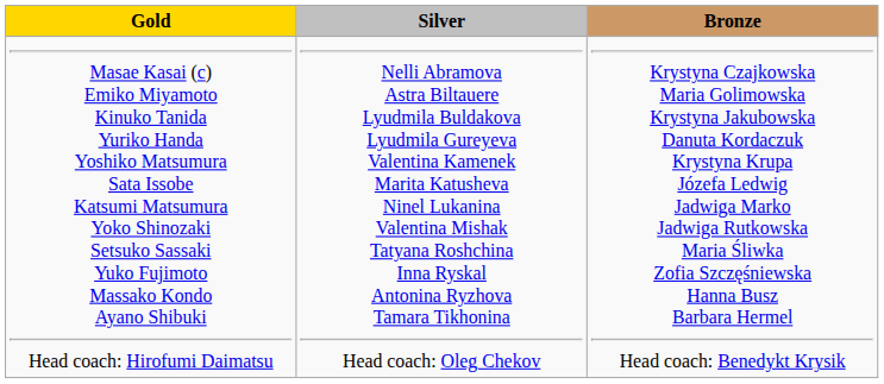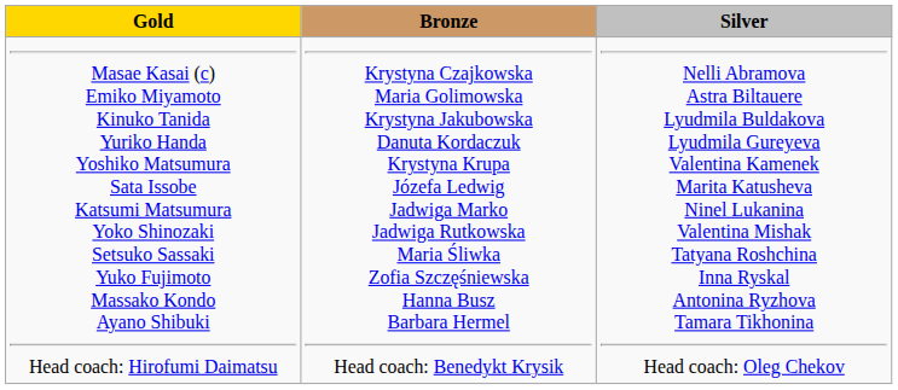 <table class="wikitable" style="text-align:center;font-size:95%;">
 <tr>
 <th style="width:15em;background:gold">Gold</th>
+<th style="width:15em;background:#CC9966">Bronze</th>
 <th style="width:15em;background:silver">Silver</th>
-<th style="width:15em;background:#CC9966">Bronze</th>
 </tr>
 <tr>
 <td><hr><a href='#'>Masae Kasai</a> (<a href='#'>c</a>)<br><a href='#'>Emiko Miyamoto</a><br><a href='#'>Kinuko Tanida</a><br><a href='#'>Yuriko Handa</a><br><a href='#'>Yoshiko Matsumura</a><br><a href='#'>Sata Issobe</a><br><a href='#'>Katsumi Matsumura</a><br><a href='#'>Yoko Shinozaki</a><br><a href='#'>Setsuko Sassaki</a><br><a href='#'>Yuko Fujimoto</a><br><a href='#'>Massako Kondo</a><br><a href='#'>Ayano Shibuki</a><br><hr>Head coach: <a href='#'>Hirofumi Daimatsu</a></td>
+<td><hr><a href='#'>Krystyna Czajkowska</a><br><a href='#'>Maria Golimowska</a><br><a href='#'>Krystyna Jakubowska</a><br><a href='#'>Danuta Kordaczuk</a><br><a href='#'>Krystyna Krupa</a><br><a href='#'>Józefa Ledwig</a><br><a href='#'>Jadwiga Marko</a><br><a href='#'>Jadwiga Rutkowska</a><br><a href='#'>Maria Śliwka</a><br><a href='#'>Zofia Szczęśniewska</a><br><a href='#'>Hanna Busz</a><br><a href='#'>Barbara Hermel</a><br><hr>Head coach: <a href='#'>Benedykt Krysik</a></td>
 <td><hr><a href='#'>Nelli Abramova</a><br><a href='#'>Astra Biltauere</a><br><a href='#'>Lyudmila Buldakova</a><br><a href='#'>Lyudmila Gureyeva</a><br><a href='#'>Valentina Kamenek</a><br><a href='#'>Marita Katusheva</a><br><a href='#'>Ninel Lukanina</a><br><a href='#'>Valentina Mishak</a><br><a href='#'>Tatyana Roshchina</a><br><a href='#'>Inna Ryskal</a><br><a href='#'>Antonina Ryzhova</a><br><a href='#'>Tamara Tikhonina</a><br><hr>Head coach: <a href='#'>Oleg Chekov</a></td>
-<td><hr><a href='#'>Krystyna Czajkowska</a><br><a href='#'>Maria Golimowska</a><br><a href='#'>Krystyna Jakubowska</a><br><a href='#'>Danuta Kordaczuk</a><br><a href='#'>Krystyna Krupa</a><br><a href='#'>Józefa Ledwig</a><br><a href='#'>Jadwiga Marko</a><br><a href='#'>Jadwiga Rutkowska</a><br><a href='#'>Maria Śliwka</a><br><a href='#'>Zofia Szczęśniewska</a><br><a href='#'>Hanna Busz</a><br><a href='#'>Barbara Hermel</a><br><hr>Head coach: <a href='#'>Benedykt Krysik</a></td>
 </tr>
 </table>
